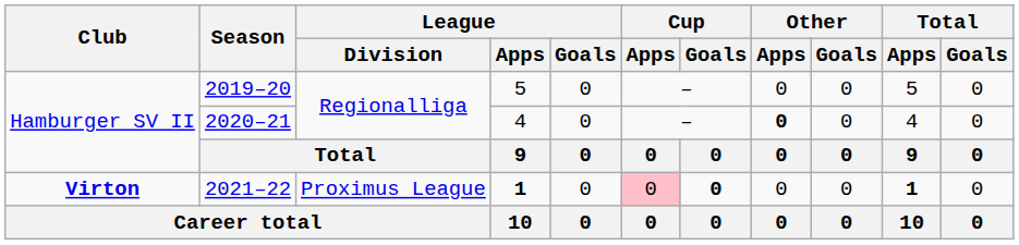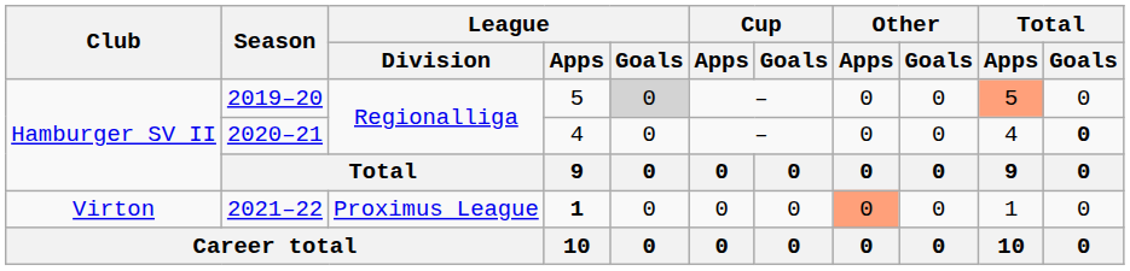 <table class="wikitable" style="text-align:center">
 <tr>
 <th rowspan="2">Club</th>
 <th rowspan="2">Season</th>
 <th colspan="3">League</th>
 <th colspan="2">Cup</th>
 <th colspan="2">Other</th>
 <th colspan="2">Total</th>
 </tr>
 <tr>
 <th>Division</th>
 <th>Apps</th>
 <th>Goals</th>
 <th>Apps</th>
 <th>Goals</th>
 <th>Apps</th>
 <th>Goals</th>
 <th>Apps</th>
 <th>Goals</th>
 </tr>
 <tr>
 <td rowspan="3"><a href='#'>Hamburger SV II</a></td>
 <td><a href='#'>2019–20</a></td>
 <td rowspan="2"><a href='#'>Regionalliga</a></td>
 <td>5</td>
-<td>0</td>
+<td style="background: lightgrey;">0</td>
 <td colspan="2">–</td>
 <td>0</td>
 <td>0</td>
-<td>5</td>
+<td style="background: lightsalmon;">5</td>
 <td>0</td>
 </tr>
 <tr>
 <td><a href='#'>2020–21</a></td>
 <td>4</td>
 <td>0</td>
 <td colspan="2">–</td>
-<td><strong>0</strong></td>
+<td>0</td>
 <td>0</td>
 <td>4</td>
-<td>0</td>
+<td><strong>0</strong></td>
 </tr>
 <tr>
 <th colspan="2">Total</th>
 <th>9</th>
 <th>0</th>
 <th>0</th>
 <th>0</th>
 <th>0</th>
 <th>0</th>
 <th>9</th>
 <th>0</th>
 </tr>
 <tr>
-<td><strong><a href='#'>Virton</a></strong></td>
+<td><a href='#'>Virton</a></td>
 <td><a href='#'>2021–22</a></td>
 <td><a href='#'>Proximus League</a></td>
 <td><strong>1</strong></td>
 <td>0</td>
-<td style="background: pink;">0</td>
-<td><strong>0</strong></td>
 <td>0</td>
 <td>0</td>
-<td><strong>1</strong></td>
+<td style="background: lightsalmon;">0</td>
+<td>0</td>
+<td>1</td>
 <td>0</td>
 </tr>
 <tr>
 <th colspan="3">Career total</th>
 <th>10</th>
 <th>0</th>
 <th>0</th>
 <th>0</th>
 <th>0</th>
 <th>0</th>
 <th>10</th>
 <th>0</th>
 </tr>
 </table>
